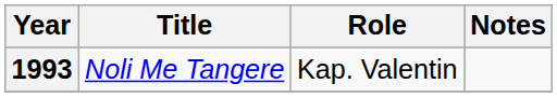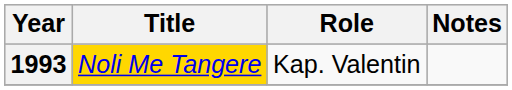 <table class="wikitable plainrowheaders" style="margin-right: 0;">
 <tr>
 <th scope="col">Year</th>
 <th scope="col">Title</th>
 <th scope="col">Role</th>
 <th scope="col">Notes</th>
 </tr>
 <tr>
 <th scope="row">1993</th>
-<td><em><a href='#'>Noli Me Tangere</a></em></td>
+<td style="background: gold;"><em><a href='#'>Noli Me Tangere</a></em></td>
 <td>Kap. Valentin</td>
 <td></td>
 </tr>
 <tr>
 </tr>
 </table>
